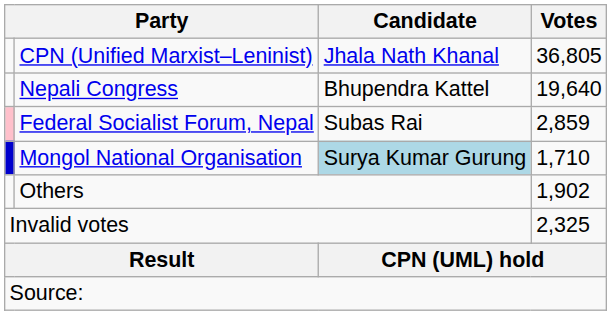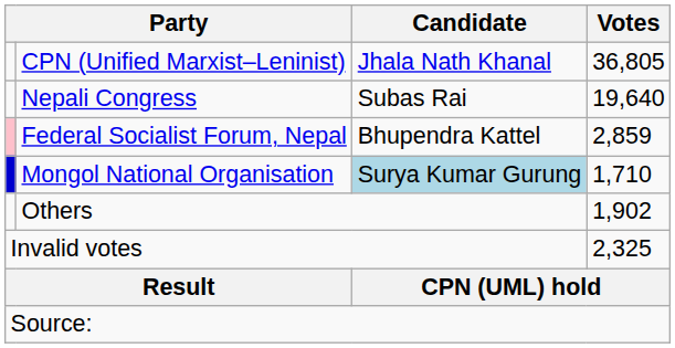 <table class="wikitable">
 <tr>
 <th colspan="2">Party</th>
 <th>Candidate</th>
 <th>Votes</th>
 </tr>
 <tr>
 <td style="background-color:"></td>
 <td><a href='#'>CPN (Unified Marxist–Leninist)</a></td>
 <td><a href='#'>Jhala Nath Khanal</a></td>
 <td>36,805</td>
 </tr>
 <tr>
 <td style="background-color:"></td>
 <td><a href='#'>Nepali Congress</a></td>
-<td>Bhupendra Kattel</td>
+<td>Subas Rai</td>
 <td>19,640</td>
 </tr>
 <tr>
 <td style="background-color:pink"></td>
 <td><a href='#'>Federal Socialist Forum, Nepal</a></td>
-<td>Subas Rai</td>
+<td>Bhupendra Kattel</td>
 <td>2,859</td>
 </tr>
 <tr>
 <td style="background-color:mediumblue"></td>
 <td><a href='#'>Mongol National Organisation</a></td>
 <td style="background: lightblue;">Surya Kumar Gurung</td>
 <td>1,710</td>
 </tr>
 <tr>
 <td></td>
 <td colspan="2">Others</td>
 <td>1,902</td>
 </tr>
 <tr>
 <td colspan="3">Invalid votes</td>
 <td>2,325</td>
 </tr>
 <tr>
 <th colspan="2">Result</th>
 <th colspan="2">CPN (UML) hold</th>
 </tr>
 <tr>
 <td colspan="4">Source: </td>
 </tr>
 </table>
